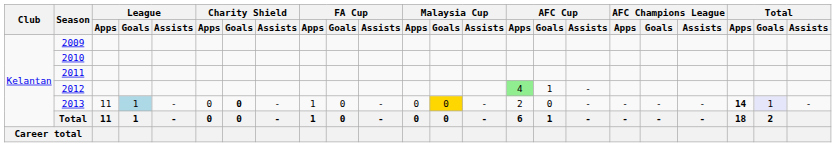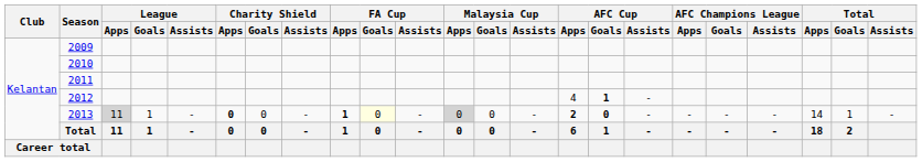 <table class="wikitable" style="text-align: center;">
 <tr>
 <th rowspan="2">Club</th>
 <th rowspan="2">Season</th>
 <th colspan="3">League</th>
 <th colspan="3">Charity Shield</th>
 <th colspan="3">FA Cup</th>
 <th colspan="3">Malaysia Cup</th>
 <th colspan="3">AFC Cup</th>
 <th colspan="3">AFC Champions League</th>
 <th colspan="3">Total</th>
 </tr>
 <tr>
 <th>Apps</th>
 <th>Goals</th>
 <th>Assists</th>
 <th>Apps</th>
 <th>Goals</th>
 <th>Assists</th>
 <th>Apps</th>
 <th>Goals</th>
 <th>Assists</th>
 <th>Apps</th>
 <th>Goals</th>
 <th>Assists</th>
 <th>Apps</th>
 <th>Goals</th>
 <th>Assists</th>
 <th>Apps</th>
 <th>Goals</th>
 <th>Assists</th>
 <th>Apps</th>
 <th>Goals</th>
 <th>Assists</th>
 </tr>
 <tr>
 <td rowspan="6"><a href='#'>Kelantan</a></td>
 <td><a href='#'>2009</a></td>
 <td></td>
 <td></td>
 <td></td>
 <td></td>
 <td></td>
 <td></td>
 <td></td>
 <td></td>
 <td></td>
 <td></td>
 <td></td>
 <td></td>
 <td></td>
 <td></td>
 <td></td>
 <td></td>
 <td></td>
 <td></td>
 <td></td>
 <td></td>
 <td></td>
 </tr>
 <tr>
 <td><a href='#'>2010</a></td>
 <td></td>
 <td></td>
 <td></td>
 <td></td>
 <td></td>
 <td></td>
 <td></td>
 <td></td>
 <td></td>
 <td></td>
 <td></td>
 <td></td>
 <td></td>
 <td></td>
 <td></td>
 <td></td>
 <td></td>
 <td></td>
 <td></td>
 <td></td>
 <td></td>
 </tr>
 <tr>
 <td><a href='#'>2011</a></td>
 <td></td>
 <td></td>
 <td></td>
 <td></td>
 <td></td>
 <td></td>
 <td></td>
 <td></td>
 <td></td>
 <td></td>
 <td></td>
 <td></td>
 <td></td>
 <td></td>
 <td></td>
 <td></td>
 <td></td>
 <td></td>
 <td></td>
 <td></td>
 <td></td>
 </tr>
 <tr>
 <td><a href='#'>2012</a></td>
 <td></td>
 <td></td>
 <td></td>
 <td></td>
 <td></td>
 <td></td>
 <td></td>
 <td></td>
 <td></td>
 <td></td>
 <td></td>
 <td></td>
-<td style="background: lightgreen;">4</td>
-<td>1</td>
+<td>4</td>
+<td><strong>1</strong></td>
 <td>-</td>
 <td></td>
 <td></td>
 <td></td>
 <td></td>
 <td></td>
 <td></td>
 </tr>
 <tr>
 <td><a href='#'>2013</a></td>
-<td>11</td>
-<td style="background: lightblue;">1</td>
+<td style="background: lightgrey;">11</td>
+<td>1</td>
 <td>-</td>
-<td>0</td>
 <td><strong>0</strong></td>
-<td>-</td>
-<td>1</td>
 <td>0</td>
 <td>-</td>
+<td><strong>1</strong></td>
+<td style="background: lightyellow;">0</td>
+<td>-</td>
+<td style="background: lightgrey;">0</td>
 <td>0</td>
-<td style="background: gold;">0</td>
 <td>-</td>
-<td>2</td>
-<td>0</td>
+<td><strong>2</strong></td>
+<td><strong>0</strong></td>
 <td>-</td>
 <td>-</td>
 <td>-</td>
 <td>-</td>
-<td><strong>14</strong></td>
-<td style="background: lavender;">1</td>
+<td>14</td>
+<td>1</td>
 <td>-</td>
 </tr>
 <tr>
 <th colspan="1">Total</th>
 <th>11</th>
 <th>1</th>
 <th>-</th>
 <th>0</th>
 <th>0</th>
 <th>-</th>
 <th>1</th>
 <th>0</th>
 <th>-</th>
 <th>0</th>
 <th>0</th>
 <th>-</th>
 <th>6</th>
 <th>1</th>
 <th>-</th>
 <th>-</th>
 <th>-</th>
 <th>-</th>
 <th>18</th>
 <th>2</th>
 <th></th>
 </tr>
 <tr>
 <th colspan="2">Career total</th>
 <th></th>
 <th></th>
 <th></th>
 <th></th>
 <th></th>
 <th></th>
 <th></th>
 <th></th>
 <th></th>
 <th></th>
 <th></th>
 <th></th>
 <th></th>
 <th></th>
 <th></th>
 <th></th>
 <th></th>
 <th></th>
 <th></th>
 <th></th>
 <th></th>
 </tr>
 </table>
